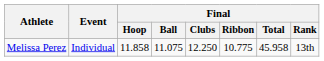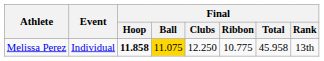 <table class="wikitable" style="font-size:90%">
 <tr>
 <th rowspan="2">Athlete</th>
 <th rowspan="2">Event</th>
 <th colspan="6">Final</th>
 </tr>
 <tr style="font-size:95%">
 <th>Hoop</th>
 <th>Ball</th>
 <th>Clubs</th>
 <th>Ribbon</th>
 <th>Total</th>
 <th>Rank</th>
 </tr>
 <tr align=center>
 <td align=left><a href='#'>Melissa Perez</a></td>
 <td align=left><a href='#'>Individual</a></td>
-<td>11.858</td>
-<td>11.075</td>
+<td><strong>11.858</strong></td>
+<td style="background: gold;">11.075</td>
 <td>12.250</td>
 <td>10.775</td>
 <td>45.958</td>
 <td>13th</td>
 </tr>
 </table>
